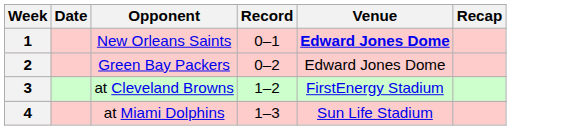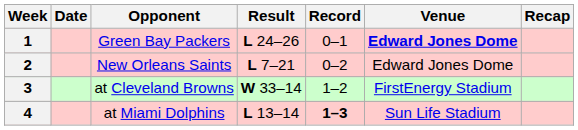 <table class="wikitable" style="text-align:center">
 <tr>
 <th>Week</th>
 <th>Date</th>
 <th>Opponent</th>
+<th>Result</th>
 <th>Record</th>
 <th>Venue</th>
 <th>Recap</th>
 </tr>
 <tr style="background:#fcc">
 <th>1</th>
 <td></td>
-<td><a href='#'>New Orleans Saints</a></td>
+<td><a href='#'>Green Bay Packers</a></td>
+<td><strong>L</strong> 24–26</td>
 <td>0–1</td>
 <td><strong><a href='#'>Edward Jones Dome</a></strong></td>
 <td></td>
 </tr>
 <tr style="background:#fcc">
 <th>2</th>
 <td></td>
-<td><a href='#'>Green Bay Packers</a></td>
+<td><a href='#'>New Orleans Saints</a></td>
+<td><strong>L</strong> 7–21</td>
 <td>0–2</td>
 <td>Edward Jones Dome</td>
 <td></td>
 </tr>
 <tr style="background:#cfc">
 <th>3</th>
 <td></td>
 <td>at <a href='#'>Cleveland Browns</a></td>
+<td><strong>W</strong> 33–14</td>
 <td>1–2</td>
 <td><a href='#'>FirstEnergy Stadium</a></td>
 <td></td>
 </tr>
 <tr style="background:#fcc">
 <th>4</th>
 <td></td>
 <td>at <a href='#'>Miami Dolphins</a></td>
-<td>1–3</td>
+<td><strong>L</strong> 13–14</td>
+<td><strong>1–3</strong></td>
 <td><a href='#'>Sun Life Stadium</a></td>
 <td></td>
 </tr>
 </table>
